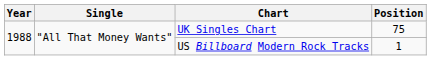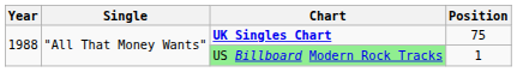 <table class="wikitable">
 <tr>
 <th>Year</th>
 <th>Single</th>
 <th>Chart</th>
 <th>Position</th>
 </tr>
 <tr>
 <td rowspan="2">1988</td>
 <td rowspan="2">"All That Money Wants"</td>
-<td><a href='#'>UK Singles Chart</a></td>
+<td><strong><a href='#'>UK Singles Chart</a></strong></td>
 <td align="center">75</td>
 </tr>
 <tr>
-<td>US <em><a href='#'>Billboard</a></em> <a href='#'>Modern Rock Tracks</a></td>
+<td style="background: lightgreen;">US <em><a href='#'>Billboard</a></em> <a href='#'>Modern Rock Tracks</a></td>
 <td align="center">1</td>
 </tr>
 </table>
